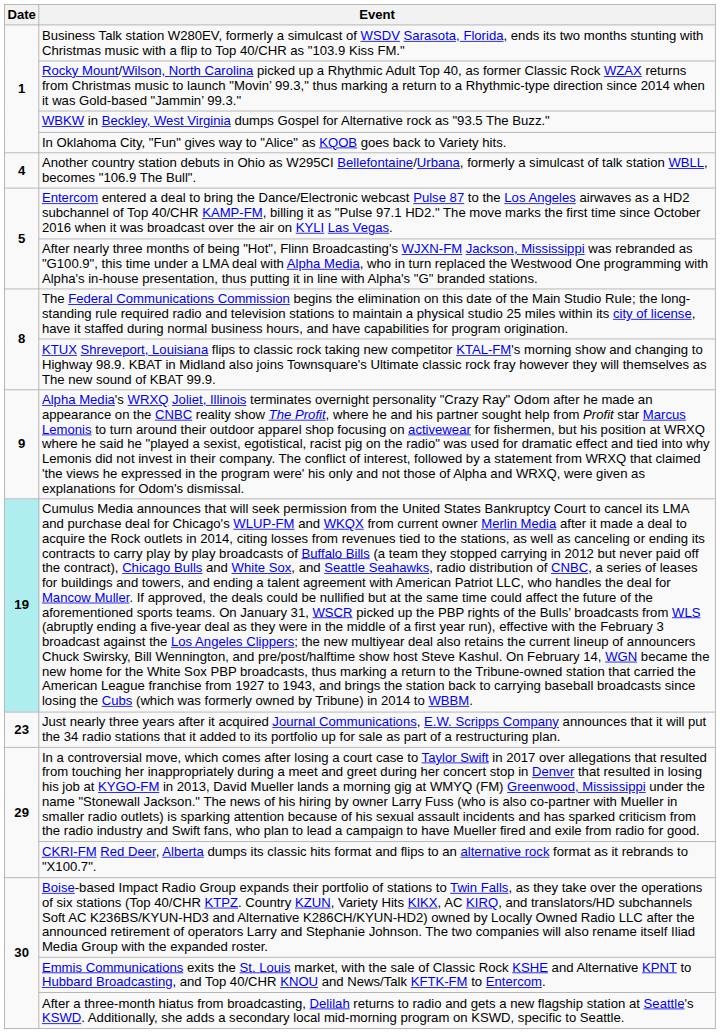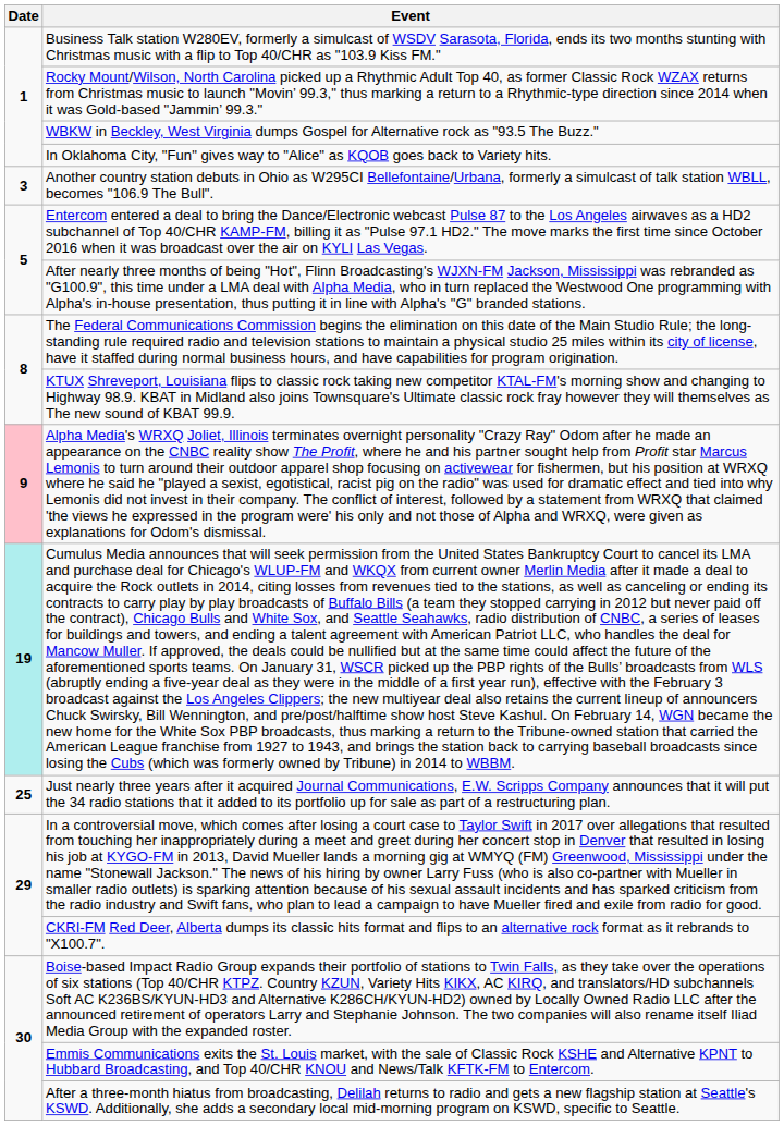 <table class="wikitable">
 <tr>
 <th>Date</th>
 <th>Event</th>
 </tr>
 <tr>
 <td style="text-align:center;" rowspan=4><strong>1</strong></td>
 <td>Business Talk station  W280EV, formerly a simulcast of <a href='#'>WSDV</a> <a href='#'>Sarasota, Florida</a>, ends its two months stunting with Christmas music with a flip to Top 40/CHR as "103.9 Kiss FM."</td>
 </tr>
 <tr>
 <td><a href='#'>Rocky Mount</a>/<a href='#'>Wilson, North Carolina</a> picked up a Rhythmic Adult Top 40, as former Classic Rock <a href='#'>WZAX</a> returns from Christmas music to launch "Movin’ 99.3," thus marking a return to a Rhythmic-type direction since 2014 when it was Gold-based "Jammin’ 99.3."</td>
 </tr>
 <tr>
 <td><a href='#'>WBKW</a> in <a href='#'>Beckley, West Virginia</a> dumps Gospel for Alternative rock as "93.5 The Buzz."</td>
 </tr>
 <tr>
 <td>In Oklahoma City, "Fun" gives way to "Alice" as <a href='#'>KQOB</a> goes back to Variety hits.</td>
 </tr>
 <tr>
-<td style="text-align:center;"><strong>4</strong></td>
+<td style="text-align:center;"><strong>3</strong></td>
 <td>Another country station debuts in Ohio as W295CI <a href='#'>Bellefontaine</a>/<a href='#'>Urbana</a>, formerly a simulcast of talk station <a href='#'>WBLL</a>, becomes "106.9 The Bull".</td>
 </tr>
 <tr>
 <td style="text-align:center;" rowspan=2><strong>5</strong></td>
 <td><a href='#'>Entercom</a> entered a deal to bring the Dance/Electronic webcast <a href='#'>Pulse 87</a> to the <a href='#'>Los Angeles</a> airwaves as a HD2 subchannel of Top 40/CHR <a href='#'>KAMP-FM</a>, billing it as "Pulse 97.1 HD2." The move marks the first time since October 2016 when it was broadcast over the air on <a href='#'>KYLI</a> <a href='#'>Las Vegas</a>.</td>
 </tr>
 <tr>
 <td>After nearly three months of being "Hot", Flinn Broadcasting's <a href='#'>WJXN-FM</a> <a href='#'>Jackson, Mississippi</a> was rebranded as "G100.9", this time under a LMA deal with <a href='#'>Alpha Media</a>, who in turn replaced the Westwood One programming with Alpha's in-house presentation, thus putting it in line with Alpha's "G" branded stations.</td>
 </tr>
 <tr>
 <td style="text-align:center;" rowspan=2><strong>8</strong></td>
 <td>The <a href='#'>Federal Communications Commission</a> begins the elimination on this date of the Main Studio Rule; the long-standing rule required radio and television stations to maintain a physical studio 25 miles within its <a href='#'>city of license</a>, have it staffed during normal business hours, and have capabilities for program origination.</td>
 </tr>
 <tr>
 <td><a href='#'>KTUX</a> <a href='#'>Shreveport, Louisiana</a> flips to classic rock taking new competitor <a href='#'>KTAL-FM</a>'s morning show and changing to Highway 98.9. KBAT in Midland also joins Townsquare's Ultimate classic rock fray however they will themselves as The new sound of KBAT 99.9.</td>
 </tr>
 <tr>
-<td style="text-align:center;"><strong>9</strong></td>
+<td style="background: pink; text-align:center;"><strong>9</strong></td>
 <td><a href='#'>Alpha Media</a>'s <a href='#'>WRXQ</a> <a href='#'>Joliet, Illinois</a> terminates overnight personality "Crazy Ray" Odom after he made an appearance on the <a href='#'>CNBC</a> reality show <em><a href='#'>The Profit</a></em>, where he and his partner sought help from <em>Profit</em> star <a href='#'>Marcus Lemonis</a> to turn around their outdoor apparel shop focusing on <a href='#'>activewear</a> for fishermen, but his position at WRXQ where he said he "played a sexist, egotistical, racist pig on the radio" was used for dramatic effect and tied into why Lemonis did not invest in their company. The conflict of interest, followed by a statement from WRXQ that claimed 'the views he expressed in the program were' his only and not those of Alpha and WRXQ, were given as explanations for Odom's dismissal.</td>
 </tr>
 <tr>
 <td style="background: paleturquoise; text-align:center;"><strong>19</strong></td>
 <td>Cumulus Media announces that will seek permission from the United States Bankruptcy Court to cancel its LMA and purchase deal for Chicago's <a href='#'>WLUP-FM</a> and <a href='#'>WKQX</a> from current owner <a href='#'>Merlin Media</a> after it made a deal to acquire the Rock outlets in 2014, citing losses from revenues tied to the stations, as well as canceling or ending its contracts to carry play by play broadcasts of <a href='#'>Buffalo Bills</a> (a team they stopped carrying in 2012 but never paid off the contract), <a href='#'>Chicago Bulls</a> and <a href='#'>White Sox</a>, and <a href='#'>Seattle Seahawks</a>, radio distribution of <a href='#'>CNBC</a>, a series of leases for buildings and towers, and ending a talent agreement with American Patriot LLC, who handles the deal for <a href='#'>Mancow Muller</a>. If approved, the deals could be nullified but at the same time could affect the future of the aforementioned sports teams. On January 31, <a href='#'>WSCR</a> picked up the PBP rights of the Bulls’ broadcasts from <a href='#'>WLS</a> (abruptly ending a five-year deal as they were in the middle of a first year run), effective with the February 3 broadcast against the <a href='#'>Los Angeles Clippers</a>; the new multiyear deal also retains the current lineup of announcers Chuck Swirsky, Bill Wennington, and pre/post/halftime show host Steve Kashul. On February 14, <a href='#'>WGN</a> became the new home for the White Sox PBP broadcasts, thus marking a return to the Tribune-owned station that carried the American League franchise from 1927 to 1943, and brings the station back to carrying baseball broadcasts since losing the <a href='#'>Cubs</a> (which was formerly owned by Tribune) in 2014 to <a href='#'>WBBM</a>.</td>
 </tr>
 <tr>
-<td style="text-align:center;"><strong>23</strong></td>
+<td style="text-align:center;"><strong>25</strong></td>
 <td>Just nearly three years after it acquired <a href='#'>Journal Communications</a>, <a href='#'>E.W. Scripps Company</a> announces that it will put the 34 radio stations that it added to its portfolio up for sale as part of a restructuring plan.</td>
 </tr>
 <tr>
 <td style="text-align:center;" rowspan=2><strong>29</strong></td>
 <td>In a controversial move, which comes after losing a court case to <a href='#'>Taylor Swift</a> in 2017 over allegations that resulted from touching her inappropriately during a meet and greet during her concert stop in <a href='#'>Denver</a> that resulted in losing his job at <a href='#'>KYGO-FM</a> in 2013, David Mueller lands a morning gig at WMYQ (FM) <a href='#'>Greenwood, Mississippi</a> under the name "Stonewall Jackson." The news of his hiring by owner Larry Fuss (who is also co-partner with Mueller in smaller radio outlets) is sparking attention because of his sexual assault incidents and has sparked criticism from the radio industry and Swift fans, who plan to lead a campaign to have Mueller fired and exile from radio for good.</td>
 </tr>
 <tr>
 <td><a href='#'>CKRI-FM</a> <a href='#'>Red Deer</a>, <a href='#'>Alberta</a> dumps its classic hits format and flips to an <a href='#'>alternative rock</a> format as it rebrands to "X100.7".</td>
 </tr>
 <tr>
 <td style="text-align:center;" rowspan=3><strong>30</strong></td>
 <td><a href='#'>Boise</a>-based Impact Radio Group expands their portfolio of stations to <a href='#'>Twin Falls</a>, as they take over the operations of six stations (Top 40/CHR <a href='#'>KTPZ</a>. Country <a href='#'>KZUN</a>, Variety Hits <a href='#'>KIKX</a>, AC <a href='#'>KIRQ</a>, and translators/HD subchannels Soft AC K236BS/KYUN-HD3 and Alternative K286CH/KYUN-HD2) owned by Locally Owned Radio LLC after the announced retirement of operators Larry and Stephanie Johnson. The two companies will also rename itself Iliad Media Group with the expanded roster.</td>
 </tr>
 <tr>
 <td><a href='#'>Emmis Communications</a> exits the <a href='#'>St. Louis</a> market, with the sale of Classic Rock <a href='#'>KSHE</a> and Alternative <a href='#'>KPNT</a> to <a href='#'>Hubbard Broadcasting</a>, and Top 40/CHR <a href='#'>KNOU</a> and News/Talk <a href='#'>KFTK-FM</a> to <a href='#'>Entercom</a>.</td>
 </tr>
 <tr>
 <td>After a three-month hiatus from broadcasting, <a href='#'>Delilah</a> returns to radio and gets a new flagship station at <a href='#'>Seattle</a>'s <a href='#'>KSWD</a>. Additionally, she adds a secondary local mid-morning program on KSWD, specific to Seattle.</td>
 </tr>
 </table>
